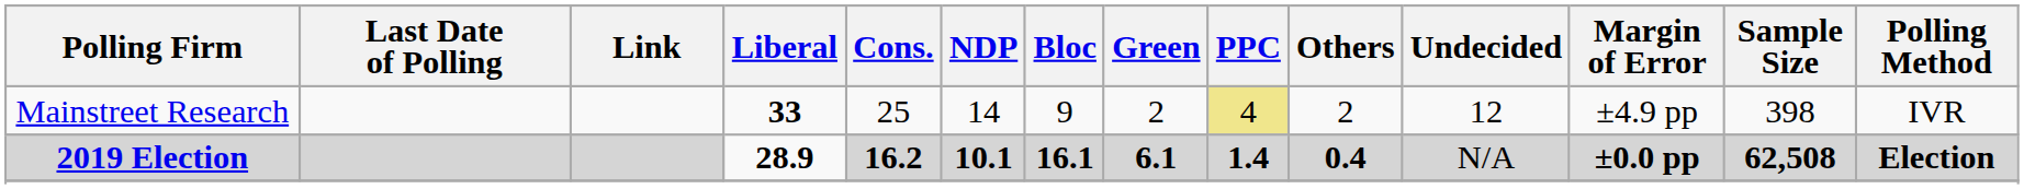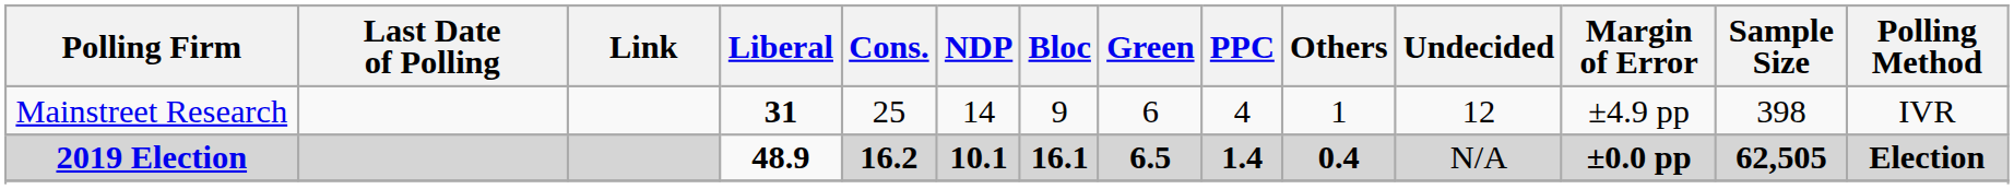 <table class="wikitable sortable" style="text-align:center;font-size:90%;line-height:14px;">
 <tr style="background:#e9e9e9;">
 <th style="width:120px">Polling Firm</th>
 <th style="width:110px">Last Date<br>of Polling</th>
 <th style="width:60px" class="unsortable">Link</th>
 <th style="background-color:"><a href='#'>Liberal</a></th>
 <th style="background-color:"><a href='#'>Cons.</a></th>
 <th style="background-color:"><a href='#'>NDP</a></th>
 <th style="background-color:"><a href='#'>Bloc</a></th>
 <th style="background-color:"><a href='#'>Green</a></th>
 <th style="background-color:"><a href='#'><span>PPC</span></a></th>
 <th style="background-color:">Others</th>
 <th style="background-color:">Undecided</th>
 <th style="width:60px;" class=unsortable>Margin<br>of Error</th>
 <th style="width:50px;" class=unsortable>Sample<br>Size</th>
 <th class=unsortable>Polling Method</th>
 </tr>
 <tr>
 <td><a href='#'>Mainstreet Research</a></td>
 <td></td>
 <td></td>
-<td><strong>33</strong></td>
+<td><strong>31</strong></td>
 <td>25</td>
 <td>14</td>
 <td>9</td>
-<td>2</td>
-<td style="background: khaki;">4</td>
-<td>2</td>
+<td>6</td>
+<td>4</td>
+<td>1</td>
 <td>12</td>
 <td>±4.9 pp</td>
 <td>398</td>
 <td>IVR</td>
 </tr>
 <tr>
 <td style="background:#D5D5D5"><strong><a href='#'>2019 Election</a></strong></td>
 <td style="background:#D5D5D5"><strong></strong></td>
 <td style="background:#D5D5D5"></td>
-<td><strong>28.9</strong></td>
+<td><strong>48.9</strong></td>
 <td style="background:#D5D5D5"><strong>16.2</strong></td>
 <td style="background:#D5D5D5"><strong>10.1</strong></td>
 <td style="background:#D5D5D5"><strong>16.1</strong></td>
-<td style="background:#D5D5D5"><strong>6.1</strong></td>
+<td style="background:#D5D5D5"><strong>6.5</strong></td>
 <td style="background:#D5D5D5"><strong>1.4</strong></td>
 <td style="background:#D5D5D5"><strong>0.4</strong></td>
 <td style="background:#D5D5D5">N/A</td>
 <td style="background:#D5D5D5"><strong>±0.0 pp</strong></td>
-<td style="background:#D5D5D5"><strong>62,508</strong></td>
+<td style="background:#D5D5D5"><strong>62,505</strong></td>
 <td style="background:#D5D5D5"><strong>Election</strong></td>
 </tr>
 <tr>
 </tr>
 <tr>
 </tr>
 </table>
